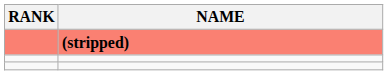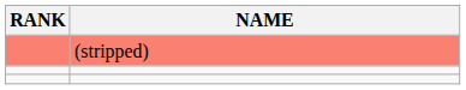 <table class="wikitable">
 <tr>
 <th>RANK</th>
 <th style="width: 20em">NAME</th>
 </tr>
 <tr style=background:salmon>
 <td align="center"></td>
-<td><strong> (stripped)</strong></td>
+<td> (stripped)</td>
 </tr>
 <tr>
 <td align="center"></td>
 <td></td>
 </tr>
 <tr>
 <td align="center"></td>
 <td></td>
 </tr>
 </table>
